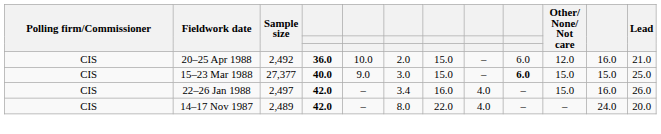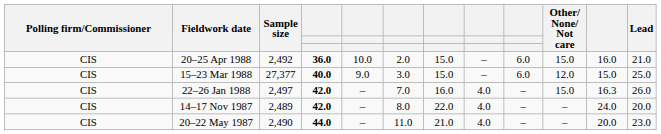 <table class="wikitable collapsible collapsed" style="text-align:center; font-size:90%; line-height:14px;">
 <tr style="height:42px;">
 <th style="width:250px;" rowspan="3">Polling firm/Commissioner</th>
 <th style="width:125px;" rowspan="3">Fieldwork date</th>
 <th style="width:50px;" rowspan="3">Sample size</th>
 <th style="width:55px;"></th>
 <th style="width:55px;"></th>
 <th style="width:55px;"></th>
 <th style="width:55px;"></th>
 <th style="width:55px;"></th>
 <th style="width:55px;"></th>
 <th style="width:55px;" rowspan="3">Other/<br>None/<br>Not<br>care</th>
 <th style="width:55px;" rowspan="3"></th>
 <th style="width:30px;" rowspan="3">Lead</th>
 </tr>
 <tr>
 <th style="color:inherit;background:"></th>
 <th style="color:inherit;background:"></th>
 <th style="color:inherit;background:"></th>
 <th style="color:inherit;background:"></th>
 <th style="color:inherit;background:"></th>
 <th style="color:inherit;background:"></th>
 </tr>
 <tr>
 <th></th>
 <th></th>
 <th></th>
 <th></th>
 <th></th>
 <th></th>
 </tr>
 <tr>
 <td>CIS</td>
 <td>20–25 Apr 1988</td>
 <td>2,492</td>
 <td><strong>36.0</strong></td>
 <td>10.0</td>
 <td>2.0</td>
 <td>15.0</td>
 <td>–</td>
 <td>6.0</td>
-<td>12.0</td>
+<td>15.0</td>
 <td>16.0</td>
 <td style="background:">21.0</td>
 </tr>
 <tr>
 <td>CIS</td>
 <td>15–23 Mar 1988</td>
 <td>27,377</td>
 <td><strong>40.0</strong></td>
 <td>9.0</td>
 <td>3.0</td>
 <td>15.0</td>
 <td>–</td>
-<td><strong>6.0</strong></td>
-<td>15.0</td>
+<td>6.0</td>
+<td>12.0</td>
 <td>15.0</td>
 <td style="background:">25.0</td>
 </tr>
 <tr>
 <td>CIS</td>
 <td>22–26 Jan 1988</td>
 <td>2,497</td>
 <td><strong>42.0</strong></td>
 <td>–</td>
-<td>3.4</td>
+<td>7.0</td>
 <td>16.0</td>
 <td>4.0</td>
 <td>–</td>
 <td>15.0</td>
-<td>16.0</td>
+<td>16.3</td>
 <td style="background:">26.0</td>
 </tr>
 <tr>
 <td>CIS</td>
 <td>14–17 Nov 1987</td>
 <td>2,489</td>
 <td><strong>42.0</strong></td>
 <td>–</td>
 <td>8.0</td>
 <td>22.0</td>
 <td>4.0</td>
 <td>–</td>
 <td>–</td>
 <td>24.0</td>
 <td style="background:">20.0</td>
 </tr>
+<tr>
+<td>CIS</td>
+<td>20–22 May 1987</td>
+<td>2,490</td>
+<td><strong>44.0</strong></td>
+<td>–</td>
+<td>11.0</td>
+<td>21.0</td>
+<td>4.0</td>
+<td>–</td>
+<td>–</td>
+<td>20.0</td>
+<td style="background:">23.0</td>
+</tr>
 </table>
